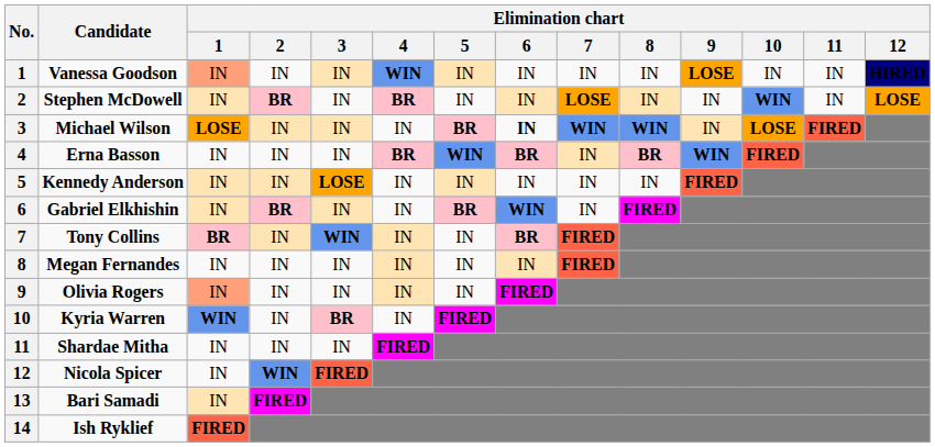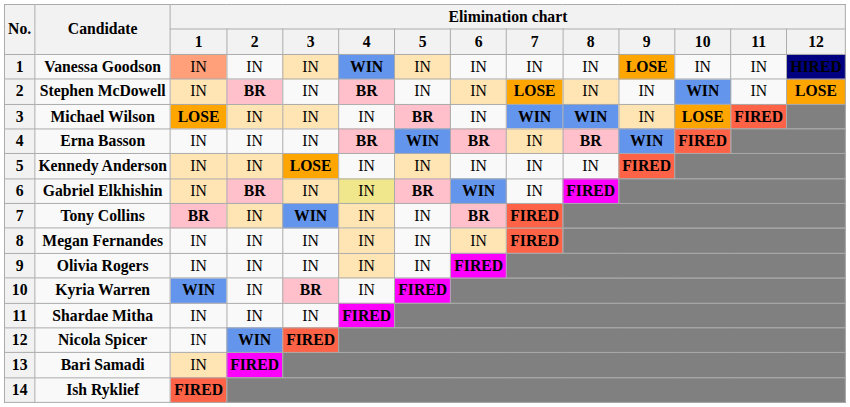 <table class="wikitable" style="text-align:center">
 <tr>
 <th rowspan="2">No.</th>
 <th rowspan="2">Candidate</th>
 <th colspan="14">Elimination chart</th>
 </tr>
 <tr>
 <th>1</th>
 <th>2</th>
 <th>3</th>
 <th>4</th>
 <th>5</th>
 <th>6</th>
 <th>7</th>
 <th>8</th>
 <th>9</th>
 <th>10</th>
 <th>11</th>
 <th>12</th>
 </tr>
 <tr>
 <th>1</th>
 <td><strong>Vanessa Goodson</strong></td>
 <td style="background: lightsalmon;">IN</td>
 <td>IN</td>
 <td bgcolor="#FFE5B4">IN</td>
 <td bgcolor="cornflowerblue"><strong>WIN</strong></td>
 <td bgcolor="#FFE5B4">IN</td>
 <td>IN</td>
 <td>IN</td>
 <td>IN</td>
 <td bgcolor="orange"><strong>LOSE</strong></td>
 <td>IN</td>
 <td>IN</td>
 <td style="background:navy;"><span><strong>HIRED</strong></span></td>
 </tr>
 <tr>
 <th>2</th>
 <td><strong>Stephen McDowell</strong></td>
 <td bgcolor="#FFE5B4">IN</td>
 <td bgcolor="pink"><strong>BR</strong></td>
 <td>IN</td>
 <td bgcolor="pink"><strong>BR</strong></td>
 <td>IN</td>
 <td bgcolor="#FFE5B4">IN</td>
 <td bgcolor="orange"><strong>LOSE</strong></td>
 <td bgcolor="#FFE5B4">IN</td>
 <td>IN</td>
 <td bgcolor="cornflowerblue"><strong>WIN</strong></td>
 <td>IN</td>
 <td bgcolor="orange"><strong>LOSE</strong></td>
 </tr>
 <tr>
 <th>3</th>
 <td><strong>Michael Wilson</strong></td>
 <td bgcolor="orange"><strong>LOSE</strong></td>
 <td bgcolor="#FFE5B4">IN</td>
 <td bgcolor="#FFE5B4">IN</td>
 <td>IN</td>
 <td bgcolor="pink"><strong>BR</strong></td>
-<td><strong>IN</strong></td>
+<td>IN</td>
 <td bgcolor="cornflowerblue"><strong>WIN</strong></td>
 <td bgcolor="cornflowerblue"><strong>WIN</strong></td>
 <td bgcolor="#FFE5B4">IN</td>
 <td bgcolor="orange"><strong>LOSE</strong></td>
 <td bgcolor="tomato"><strong>FIRED</strong></td>
 <td colspan="2" bgcolor=gray></td>
 </tr>
 <tr>
 <th>4</th>
 <td><strong>Erna Basson</strong></td>
 <td>IN</td>
 <td>IN</td>
 <td>IN</td>
 <td bgcolor="pink"><strong>BR</strong></td>
 <td bgcolor="cornflowerblue"><strong>WIN</strong></td>
 <td bgcolor="pink"><strong>BR</strong></td>
 <td bgcolor="#FFE5B4">IN</td>
 <td bgcolor="pink"><strong>BR</strong></td>
 <td bgcolor="cornflowerblue"><strong>WIN</strong></td>
 <td bgcolor="tomato"><strong>FIRED</strong></td>
 <td colspan="2" bgcolor=gray></td>
 </tr>
 <tr>
 <th>5</th>
 <td><strong>Kennedy Anderson</strong></td>
 <td bgcolor="#FFE5B4">IN</td>
 <td bgcolor="#FFE5B4">IN</td>
 <td bgcolor="orange"><strong>LOSE</strong></td>
 <td>IN</td>
 <td bgcolor="#FFE5B4">IN</td>
 <td>IN</td>
 <td>IN</td>
 <td>IN</td>
 <td bgcolor="tomato"><strong>FIRED</strong></td>
 <td colspan="3" bgcolor=gray></td>
 </tr>
 <tr>
 <th>6</th>
 <td><strong>Gabriel Elkhishin</strong></td>
 <td bgcolor="#FFE5B4">IN</td>
 <td bgcolor="pink"><strong>BR</strong></td>
 <td bgcolor="#FFE5B4">IN</td>
-<td>IN</td>
+<td style="background: khaki;">IN</td>
 <td bgcolor="pink"><strong>BR</strong></td>
 <td bgcolor="cornflowerblue"><strong>WIN</strong></td>
 <td>IN</td>
 <td bgcolor="magenta"><strong>FIRED</strong></td>
 <td colspan="5" bgcolor=gray></td>
 </tr>
 <tr>
 <th>7</th>
 <td><strong>Tony Collins</strong></td>
 <td bgcolor="pink"><strong>BR</strong></td>
 <td bgcolor="#FFE5B4">IN</td>
 <td bgcolor="cornflowerblue"><strong>WIN</strong></td>
 <td bgcolor="#FFE5B4">IN</td>
 <td>IN</td>
 <td bgcolor="pink"><strong>BR</strong></td>
 <td bgcolor="tomato"><strong>FIRED</strong></td>
 <td colspan="6" bgcolor=gray></td>
 </tr>
 <tr>
 <th>8</th>
 <td><strong>Megan Fernandes</strong></td>
 <td>IN</td>
 <td>IN</td>
 <td>IN</td>
 <td bgcolor="#FFE5B4">IN</td>
 <td>IN</td>
 <td bgcolor="#FFE5B4">IN</td>
 <td bgcolor="tomato"><strong>FIRED</strong></td>
 <td colspan="6" bgcolor=gray></td>
 </tr>
 <tr>
 <th>9</th>
 <td><strong>Olivia Rogers</strong></td>
-<td style="background: lightsalmon;">IN</td>
+<td>IN</td>
 <td>IN</td>
 <td>IN</td>
 <td bgcolor="#FFE5B4">IN</td>
 <td>IN</td>
 <td bgcolor="magenta"><strong>FIRED</strong></td>
 <td colspan="7" bgcolor=gray></td>
 </tr>
 <tr>
 <th>10</th>
 <td><strong>Kyria Warren</strong></td>
 <td bgcolor="cornflowerblue"><strong>WIN</strong></td>
 <td>IN</td>
 <td bgcolor="pink"><strong>BR</strong></td>
 <td>IN</td>
 <td bgcolor="magenta"><strong>FIRED</strong></td>
 <td colspan="8" bgcolor=gray></td>
 </tr>
 <tr>
 <th>11</th>
 <td><strong>Shardae Mitha</strong></td>
 <td>IN</td>
 <td>IN</td>
 <td>IN</td>
 <td bgcolor="magenta"><strong>FIRED</strong></td>
 <td colspan="9" bgcolor=gray></td>
 </tr>
 <tr>
 <th>12</th>
 <td><strong>Nicola Spicer</strong></td>
 <td>IN</td>
 <td bgcolor="cornflowerblue"><strong>WIN</strong></td>
 <td bgcolor="tomato"><strong>FIRED</strong></td>
 <td colspan="10" bgcolor=gray></td>
 </tr>
 <tr>
 <th>13</th>
 <td><strong>Bari Samadi</strong></td>
 <td bgcolor="#FFE5B4">IN</td>
 <td bgcolor="magenta"><strong>FIRED</strong></td>
 <td colspan="11" bgcolor=gray></td>
 </tr>
 <tr>
 <th>14</th>
 <td><strong>Ish Ryklief</strong></td>
 <td bgcolor="tomato"><strong>FIRED</strong></td>
 <td colspan="12" bgcolor=gray></td>
 </tr>
 </table>
